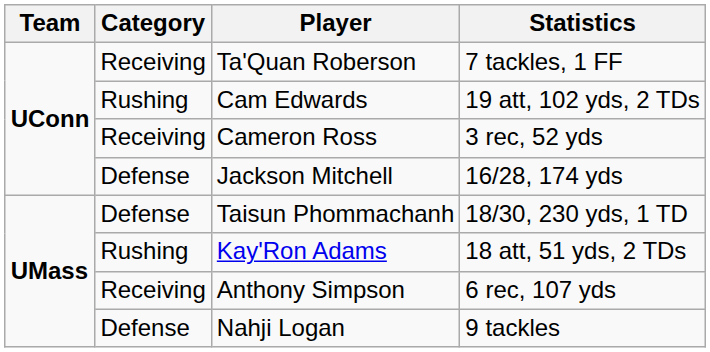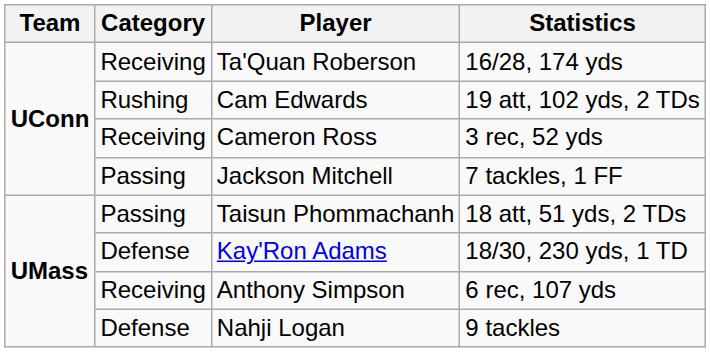 <table class="wikitable" style="float: right;">
 <tr>
 <th>Team</th>
 <th>Category</th>
 <th>Player</th>
 <th>Statistics</th>
 </tr>
 <tr>
 <td rowspan=4><strong>UConn</strong></td>
 <td>Receiving</td>
 <td>Ta'Quan Roberson</td>
-<td>7 tackles, 1 FF</td>
+<td>16/28, 174 yds</td>
 </tr>
 <tr>
 <td>Rushing</td>
 <td>Cam Edwards</td>
 <td>19 att, 102 yds, 2 TDs</td>
 </tr>
 <tr>
 <td>Receiving</td>
 <td>Cameron Ross</td>
 <td>3 rec, 52 yds</td>
 </tr>
 <tr>
-<td>Defense</td>
+<td>Passing</td>
 <td>Jackson Mitchell</td>
-<td>16/28, 174 yds</td>
+<td>7 tackles, 1 FF</td>
 </tr>
 <tr>
 <td rowspan=4><strong>UMass</strong></td>
-<td>Defense</td>
+<td>Passing</td>
 <td>Taisun Phommachanh</td>
-<td>18/30, 230 yds, 1 TD</td>
+<td>18 att, 51 yds, 2 TDs</td>
 </tr>
 <tr>
-<td>Rushing</td>
+<td>Defense</td>
 <td><a href='#'>Kay'Ron Adams</a></td>
-<td>18 att, 51 yds, 2 TDs</td>
+<td>18/30, 230 yds, 1 TD</td>
 </tr>
 <tr>
 <td>Receiving</td>
 <td>Anthony Simpson</td>
 <td>6 rec, 107 yds</td>
 </tr>
 <tr>
 <td>Defense</td>
 <td>Nahji Logan</td>
 <td>9 tackles</td>
 </tr>
 </table>
